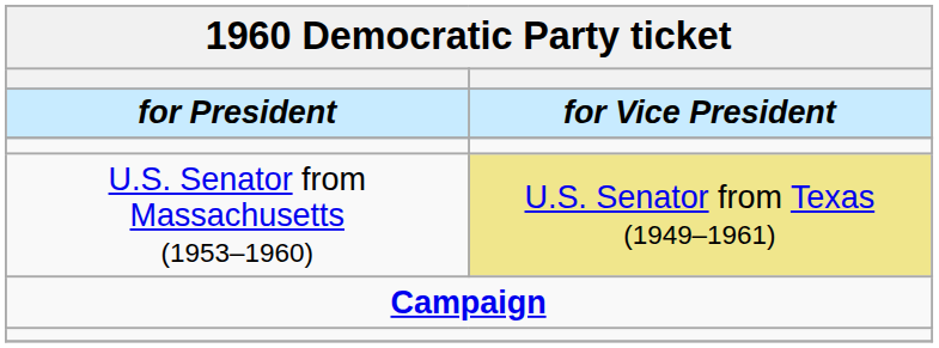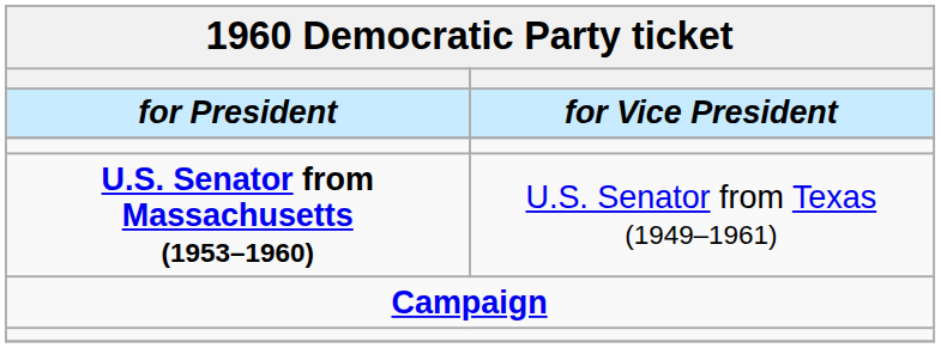 <table class="wikitable" style="font-size:90%; text-align:center;">
 <tr>
 <td style="background:#f1f1f1;" colspan="30"><big><strong>1960 Democratic Party ticket </strong></big></td>
 </tr>
 <tr>
 <th style="width:3em; font-size:135%; background:"></th>
 <th style="width:3em; font-size:135%; background:"></th>
 </tr>
 <tr style="color:#000; font-size:100%; background:#c8ebff;">
 <td style="width:3em; width:200px;"><strong><em>for President</em></strong></td>
 <td style="width:3em; width:200px;"><strong><em>for Vice President</em></strong></td>
 </tr>
 <tr>
 </tr>
 <tr>
 <td></td>
 <td></td>
 </tr>
 <tr>
-<td><a href='#'>U.S. Senator</a> from <a href='#'>Massachusetts</a><br><small>(1953–1960)</small></td>
-<td style="background: khaki;"><a href='#'>U.S. Senator</a> from <a href='#'>Texas</a><br><small>(1949–1961)</small></td>
+<td><strong><a href='#'>U.S. Senator</a> from <a href='#'>Massachusetts</a><br><small>(1953–1960)</small></strong></td>
+<td><a href='#'>U.S. Senator</a> from <a href='#'>Texas</a><br><small>(1949–1961)</small></td>
 </tr>
 <tr>
 <td colspan=2><a href='#'><strong>Campaign</strong></a></td>
 </tr>
 <tr>
 <td colspan=2></td>
 </tr>
 <tr>
 </tr>
 </table>
